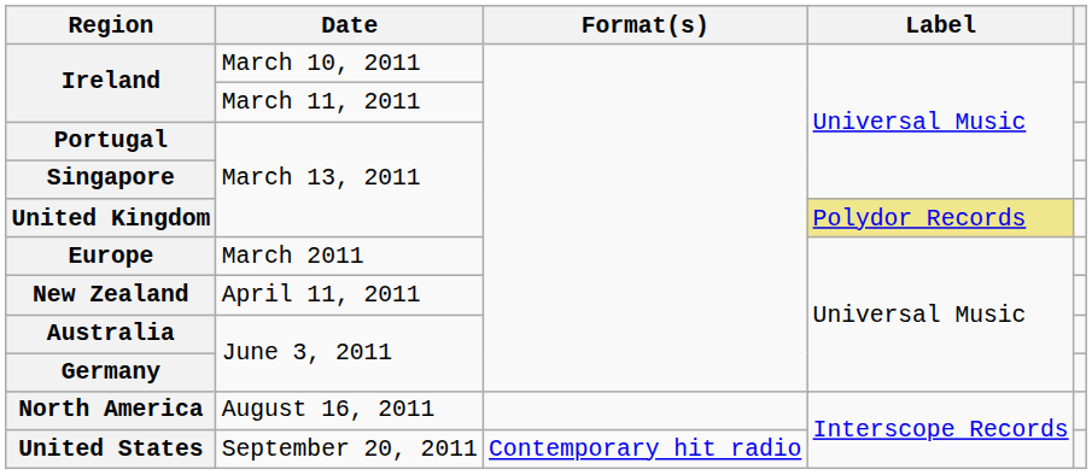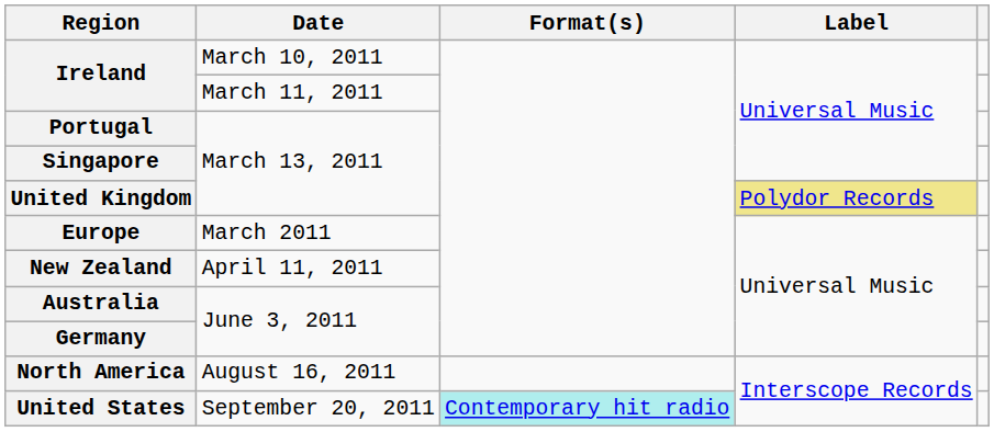 <table class="wikitable plainrowheaders">
 <tr>
 <th scope=col>Region</th>
 <th scope=col>Date</th>
 <th scope=col>Format(s)</th>
 <th scope=col>Label</th>
 <th scope=col></th>
 </tr>
 <tr>
 <th scope="row" rowspan="2">Ireland</th>
 <td>March 10, 2011</td>
 <td rowspan="9"></td>
 <td rowspan="4"><a href='#'>Universal Music</a></td>
 <td align=center></td>
 </tr>
 <tr>
 <td>March 11, 2011</td>
 <td align=center></td>
 </tr>
 <tr>
 <th scope="row">Portugal</th>
 <td rowspan="3">March 13, 2011</td>
 <td align=center></td>
 </tr>
 <tr>
 <th scope="row">Singapore</th>
 <td align=center></td>
 </tr>
 <tr>
 <th scope="row">United Kingdom</th>
 <td style="background: khaki;"><a href='#'>Polydor Records</a></td>
 <td align=center></td>
 </tr>
 <tr>
 <th scope="row">Europe</th>
 <td>March 2011</td>
 <td rowspan="4">Universal Music</td>
 <td align=center></td>
 </tr>
 <tr>
 <th scope="row">New Zealand</th>
 <td>April 11, 2011</td>
 <td align=center></td>
 </tr>
 <tr>
 <th scope="row">Australia</th>
 <td rowspan="2">June 3, 2011</td>
 <td align=center></td>
 </tr>
 <tr>
 <th scope="row">Germany</th>
 <td align=center></td>
 </tr>
 <tr>
 <th scope="row">North America</th>
 <td>August 16, 2011</td>
 <td></td>
 <td rowspan="2"><a href='#'>Interscope Records</a></td>
 <td align=center></td>
 </tr>
 <tr>
 <th scope="row">United States</th>
 <td>September 20, 2011</td>
-<td><a href='#'>Contemporary hit radio</a></td>
+<td style="background: paleturquoise;"><a href='#'>Contemporary hit radio</a></td>
 <td align=center></td>
 </tr>
 </table>
